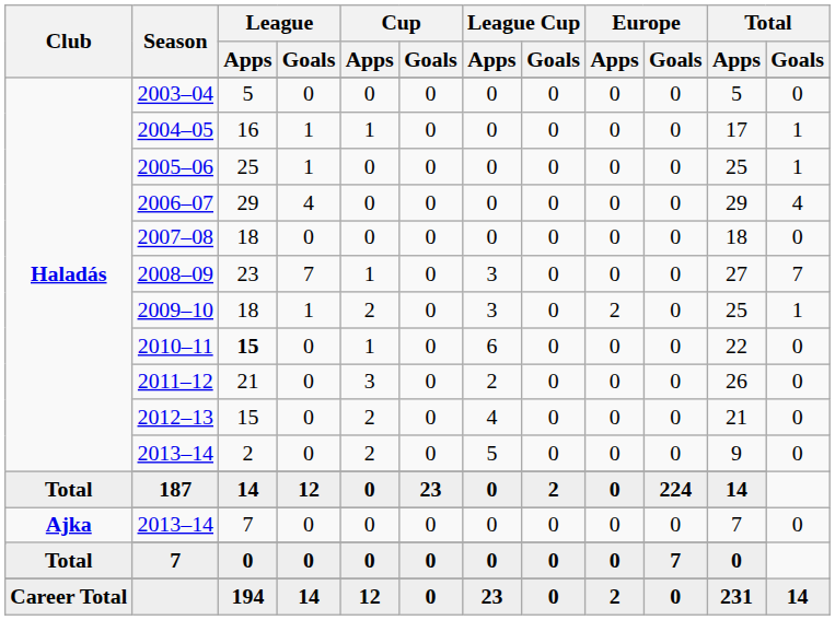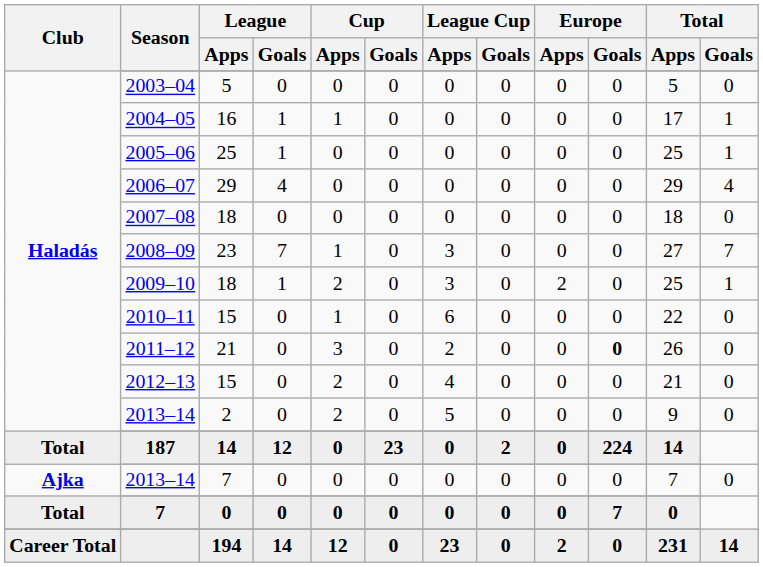 <table class="wikitable" style="font-size:90%; text-align: center;">
 <tr>
 <th rowspan="2">Club</th>
 <th rowspan="2">Season</th>
 <th colspan="2">League</th>
 <th colspan="2">Cup</th>
 <th colspan="2">League Cup</th>
 <th colspan="2">Europe</th>
 <th colspan="2">Total</th>
 </tr>
 <tr>
 <th>Apps</th>
 <th>Goals</th>
 <th>Apps</th>
 <th>Goals</th>
 <th>Apps</th>
 <th>Goals</th>
 <th>Apps</th>
 <th>Goals</th>
 <th>Apps</th>
 <th>Goals</th>
 </tr>
 <tr ||-||-||-|->
 <td rowspan="13" valign="center"><strong><a href='#'>Haladás</a></strong></td>
 </tr>
 <tr>
 <td><a href='#'>2003–04</a></td>
 <td>5</td>
 <td>0</td>
 <td>0</td>
 <td>0</td>
 <td>0</td>
 <td>0</td>
 <td>0</td>
 <td>0</td>
 <td>5</td>
 <td>0</td>
 </tr>
 <tr>
 <td><a href='#'>2004–05</a></td>
 <td>16</td>
 <td>1</td>
 <td>1</td>
 <td>0</td>
 <td>0</td>
 <td>0</td>
 <td>0</td>
 <td>0</td>
 <td>17</td>
 <td>1</td>
 </tr>
 <tr>
 <td><a href='#'>2005–06</a></td>
 <td>25</td>
 <td>1</td>
 <td>0</td>
 <td>0</td>
 <td>0</td>
 <td>0</td>
 <td>0</td>
 <td>0</td>
 <td>25</td>
 <td>1</td>
 </tr>
 <tr>
 <td><a href='#'>2006–07</a></td>
 <td>29</td>
 <td>4</td>
 <td>0</td>
 <td>0</td>
 <td>0</td>
 <td>0</td>
 <td>0</td>
 <td>0</td>
 <td>29</td>
 <td>4</td>
 </tr>
 <tr>
 <td><a href='#'>2007–08</a></td>
 <td>18</td>
 <td>0</td>
 <td>0</td>
 <td>0</td>
 <td>0</td>
 <td>0</td>
 <td>0</td>
 <td>0</td>
 <td>18</td>
 <td>0</td>
 </tr>
 <tr>
 <td><a href='#'>2008–09</a></td>
 <td>23</td>
 <td>7</td>
 <td>1</td>
 <td>0</td>
 <td>3</td>
 <td>0</td>
 <td>0</td>
 <td>0</td>
 <td>27</td>
 <td>7</td>
 </tr>
 <tr>
 <td><a href='#'>2009–10</a></td>
 <td>18</td>
 <td>1</td>
 <td>2</td>
 <td>0</td>
 <td>3</td>
 <td>0</td>
 <td>2</td>
 <td>0</td>
 <td>25</td>
 <td>1</td>
 </tr>
 <tr>
 <td><a href='#'>2010–11</a></td>
-<td><strong>15</strong></td>
+<td>15</td>
 <td>0</td>
 <td>1</td>
 <td>0</td>
 <td>6</td>
 <td>0</td>
 <td>0</td>
 <td>0</td>
 <td>22</td>
 <td>0</td>
 </tr>
 <tr>
 <td><a href='#'>2011–12</a></td>
 <td>21</td>
 <td>0</td>
 <td>3</td>
 <td>0</td>
 <td>2</td>
 <td>0</td>
 <td>0</td>
-<td>0</td>
+<td><strong>0</strong></td>
 <td>26</td>
 <td>0</td>
 </tr>
 <tr>
 <td><a href='#'>2012–13</a></td>
 <td>15</td>
 <td>0</td>
 <td>2</td>
 <td>0</td>
 <td>4</td>
 <td>0</td>
 <td>0</td>
 <td>0</td>
 <td>21</td>
 <td>0</td>
 </tr>
 <tr>
 <td><a href='#'>2013–14</a></td>
 <td>2</td>
 <td>0</td>
 <td>2</td>
 <td>0</td>
 <td>5</td>
 <td>0</td>
 <td>0</td>
 <td>0</td>
 <td>9</td>
 <td>0</td>
 </tr>
 <tr>
 </tr>
 <tr style="font-weight:bold; background-color:#eeeeee;">
 <td>Total</td>
 <td>187</td>
 <td>14</td>
 <td>12</td>
 <td>0</td>
 <td>23</td>
 <td>0</td>
 <td>2</td>
 <td>0</td>
 <td>224</td>
 <td>14</td>
 </tr>
 <tr>
 <td rowspan="3" valign="center"><strong><a href='#'>Ajka</a></strong></td>
 </tr>
 <tr>
 <td><a href='#'>2013–14</a></td>
 <td>7</td>
 <td>0</td>
 <td>0</td>
 <td>0</td>
 <td>0</td>
 <td>0</td>
 <td>0</td>
 <td>0</td>
 <td>7</td>
 <td>0</td>
 </tr>
 <tr>
 </tr>
 <tr style="font-weight:bold; background-color:#eeeeee;">
 <td>Total</td>
 <td>7</td>
 <td>0</td>
 <td>0</td>
 <td>0</td>
 <td>0</td>
 <td>0</td>
 <td>0</td>
 <td>0</td>
 <td>7</td>
 <td>0</td>
 </tr>
 <tr>
 </tr>
 <tr style="font-weight:bold; background-color:#eeeeee;">
 <td rowspan="2" valign="top"><strong>Career Total</strong></td>
 <td></td>
 <td><strong>194</strong></td>
 <td><strong>14</strong></td>
 <td><strong>12</strong></td>
 <td><strong>0</strong></td>
 <td><strong>23</strong></td>
 <td><strong>0</strong></td>
 <td><strong>2</strong></td>
 <td><strong>0</strong></td>
 <td><strong>231</strong></td>
 <td><strong>14</strong></td>
 </tr>
 </table>
